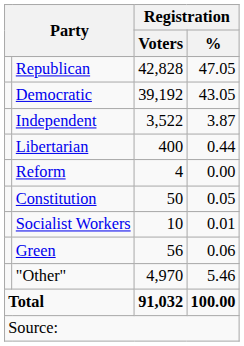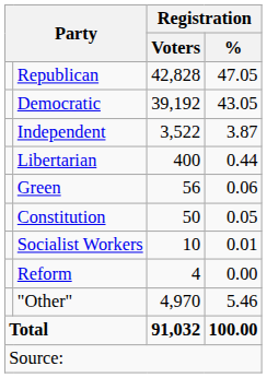 <table class="wikitable">
 <tr>
 <th colspan="2" rowspan="2">Party</th>
 <th colspan="2">Registration</th>
 </tr>
 <tr>
 <th>Voters</th>
 <th>%</th>
 </tr>
 <tr>
 <td style="background-color:"></td>
 <td><a href='#'>Republican</a></td>
 <td style="text-align:right;">42,828</td>
 <td style="text-align:right;">47.05</td>
 </tr>
 <tr>
 <td style="background-color:"></td>
 <td><a href='#'>Democratic</a></td>
 <td style="text-align:right;">39,192</td>
 <td style="text-align:right;">43.05</td>
 </tr>
 <tr>
 <td style="background-color:"></td>
 <td><a href='#'>Independent</a></td>
 <td style="text-align:right;">3,522</td>
 <td style="text-align:right;">3.87</td>
 </tr>
 <tr>
 <td style="background-color:"></td>
 <td><a href='#'>Libertarian</a></td>
 <td style="text-align:right;">400</td>
 <td style="text-align:right;">0.44</td>
 </tr>
 <tr>
 <td style="background-color:"></td>
-<td><a href='#'>Reform</a></td>
-<td style="text-align:right;">4</td>
-<td style="text-align:right;">0.00</td>
+<td><a href='#'>Green</a></td>
+<td style="text-align:right;">56</td>
+<td style="text-align:right;">0.06</td>
 </tr>
 <tr>
 <td style="background-color:"></td>
 <td><a href='#'>Constitution</a></td>
 <td style="text-align:right;">50</td>
 <td style="text-align:right;">0.05</td>
 </tr>
 <tr>
 <td style="background-color:"></td>
 <td><a href='#'>Socialist Workers</a></td>
 <td style="text-align:right;">10</td>
 <td style="text-align:right;">0.01</td>
 </tr>
 <tr>
 <td style="background-color:"></td>
-<td><a href='#'>Green</a></td>
-<td style="text-align:right;">56</td>
-<td style="text-align:right;">0.06</td>
+<td><a href='#'>Reform</a></td>
+<td style="text-align:right;">4</td>
+<td style="text-align:right;">0.00</td>
 </tr>
 <tr>
 <td></td>
 <td>"Other"</td>
 <td style="text-align:right;">4,970</td>
 <td style="text-align:right;">5.46</td>
 </tr>
 <tr>
 <td colspan="2"><strong>Total</strong></td>
 <td style="text-align:right;"><strong>91,032</strong></td>
 <td style="text-align:right;"><strong>100.00</strong></td>
 </tr>
 <tr>
 <td colspan="4">Source: <em></em></td>
 </tr>
 </table>
